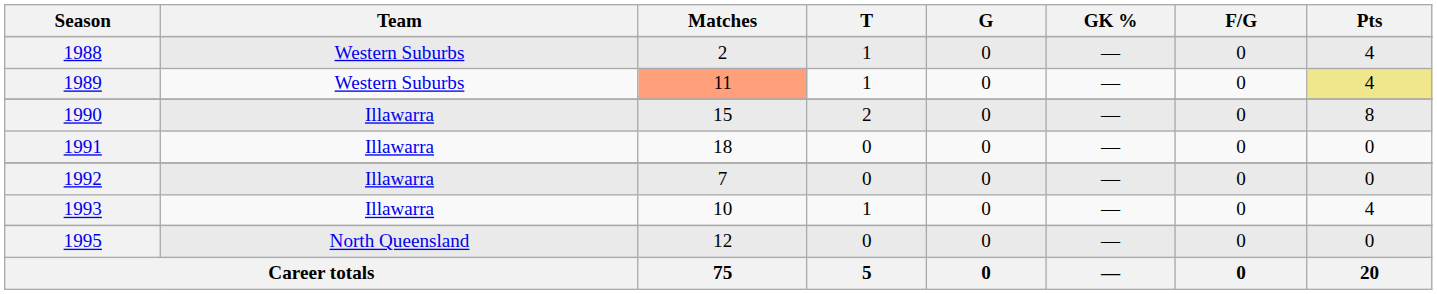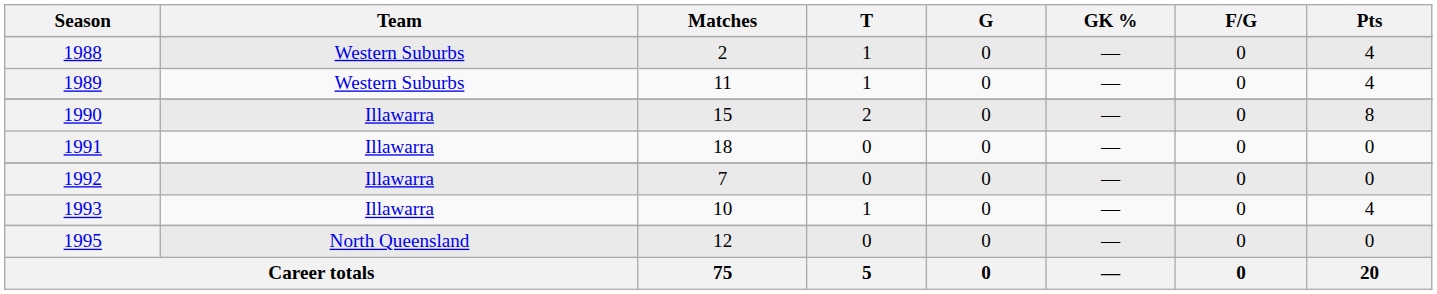 <table class="wikitable sortable"  style="font-size:90%; text-align:center; width:85%;">
 <tr>
 <th width=2%>Season</th>
 <th width=8%>Team</th>
 <th width=2%>Matches</th>
 <th width=2%>T</th>
 <th width=2%>G</th>
 <th width=2%>GK %</th>
 <th width=2%>F/G</th>
 <th width=2%>Pts</th>
 </tr>
 <tr>
 </tr>
 <tr style="background-color: #EAEAEA">
 <th scope="row" style="text-align:center; font-weight:normal"><a href='#'>1988</a></th>
 <td style="text-align:center;"> <a href='#'>Western Suburbs</a></td>
 <td>2</td>
 <td>1</td>
 <td>0</td>
 <td>—</td>
 <td>0</td>
 <td>4</td>
 </tr>
 <tr>
 <th scope="row" style="text-align:center; font-weight:normal"><a href='#'>1989</a></th>
 <td style="text-align:center;"> <a href='#'>Western Suburbs</a></td>
-<td style="background: lightsalmon;">11</td>
+<td>11</td>
 <td>1</td>
 <td>0</td>
 <td>—</td>
 <td>0</td>
-<td style="background: khaki;">4</td>
+<td>4</td>
 </tr>
 <tr>
 </tr>
 <tr style="background-color: #EAEAEA">
 <th scope="row" style="text-align:center; font-weight:normal"><a href='#'>1990</a></th>
 <td style="text-align:center;"> <a href='#'>Illawarra</a></td>
 <td>15</td>
 <td>2</td>
 <td>0</td>
 <td>—</td>
 <td>0</td>
 <td>8</td>
 </tr>
 <tr>
 <th scope="row" style="text-align:center; font-weight:normal"><a href='#'>1991</a></th>
 <td style="text-align:center;"> <a href='#'>Illawarra</a></td>
 <td>18</td>
 <td>0</td>
 <td>0</td>
 <td>—</td>
 <td>0</td>
 <td>0</td>
 </tr>
 <tr>
 </tr>
 <tr style="background-color: #EAEAEA">
 <th scope="row" style="text-align:center; font-weight:normal"><a href='#'>1992</a></th>
 <td style="text-align:center;"> <a href='#'>Illawarra</a></td>
 <td>7</td>
 <td>0</td>
 <td>0</td>
 <td>—</td>
 <td>0</td>
 <td>0</td>
 </tr>
 <tr>
 <th scope="row" style="text-align:center; font-weight:normal"><a href='#'>1993</a></th>
 <td style="text-align:center;"> <a href='#'>Illawarra</a></td>
 <td>10</td>
 <td>1</td>
 <td>0</td>
 <td>—</td>
 <td>0</td>
 <td>4</td>
 </tr>
 <tr>
 </tr>
 <tr style="background-color: #EAEAEA">
 <th scope="row" style="text-align:center; font-weight:normal"><a href='#'>1995</a></th>
 <td style="text-align:center;"> <a href='#'>North Queensland</a></td>
 <td>12</td>
 <td>0</td>
 <td>0</td>
 <td>—</td>
 <td>0</td>
 <td>0</td>
 </tr>
 <tr class="sortbottom">
 <th colspan=2>Career totals</th>
 <th>75</th>
 <th>5</th>
 <th>0</th>
 <th>—</th>
 <th>0</th>
 <th>20</th>
 </tr>
 </table>
